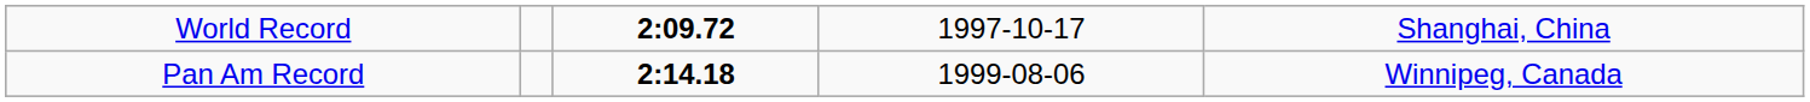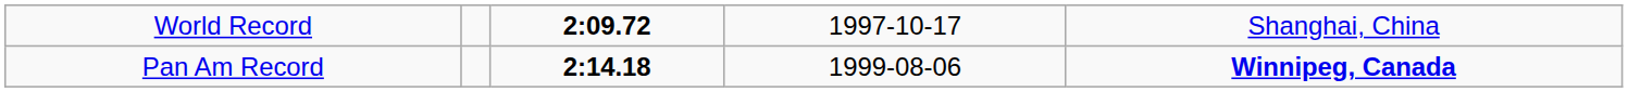 <table class="wikitable" style=" text-align:center; font-size:95%;" width="75%">
 <tr>
 <td><a href='#'>World Record</a></td>
 <td></td>
 <td><strong>2:09.72</strong></td>
 <td>1997-10-17</td>
 <td> <a href='#'>Shanghai, China</a></td>
 </tr>
 <tr>
 <td><a href='#'>Pan Am Record</a></td>
 <td></td>
 <td><strong>2:14.18</strong></td>
 <td>1999-08-06</td>
-<td> <a href='#'>Winnipeg, Canada</a></td>
+<td><strong> <a href='#'>Winnipeg, Canada</a></strong></td>
 </tr>
 </table>
